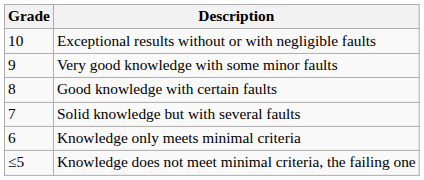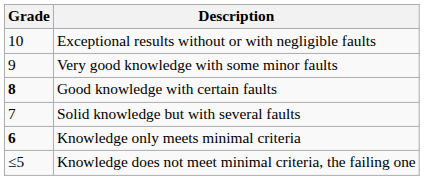 <table class="wikitable">
 <tr>
 <th>Grade</th>
 <th>Description</th>
 </tr>
 <tr>
 <td>10</td>
 <td>Exceptional results without or with negligible faults</td>
 </tr>
 <tr>
 <td>9</td>
 <td>Very good knowledge with some minor faults</td>
 </tr>
 <tr>
-<td>8</td>
+<td><strong>8</strong></td>
 <td>Good knowledge with certain faults</td>
 </tr>
 <tr>
 <td>7</td>
 <td>Solid knowledge but with several faults</td>
 </tr>
 <tr>
-<td>6</td>
+<td><strong>6</strong></td>
 <td>Knowledge only meets minimal criteria</td>
 </tr>
 <tr>
 <td>≤5</td>
 <td>Knowledge does not meet minimal criteria, the failing one</td>
 </tr>
 </table>
